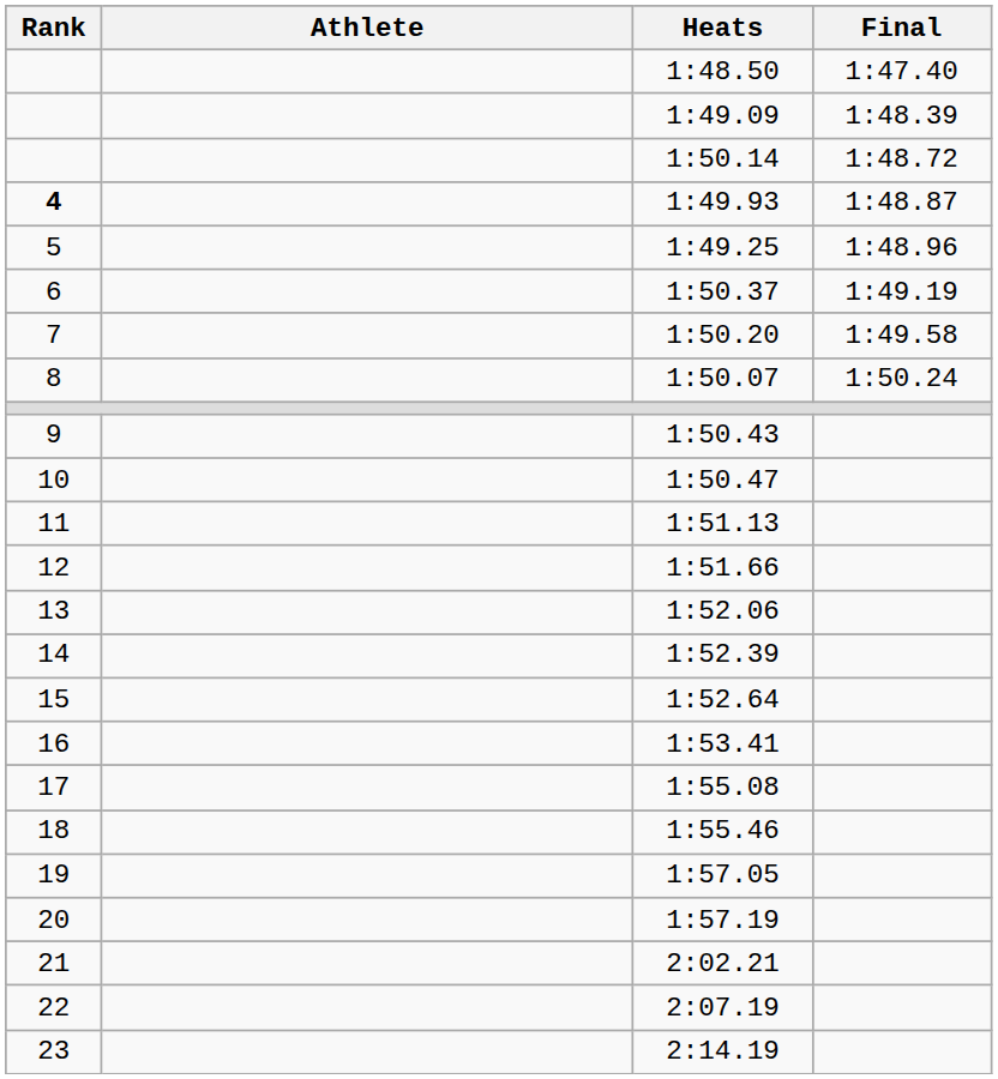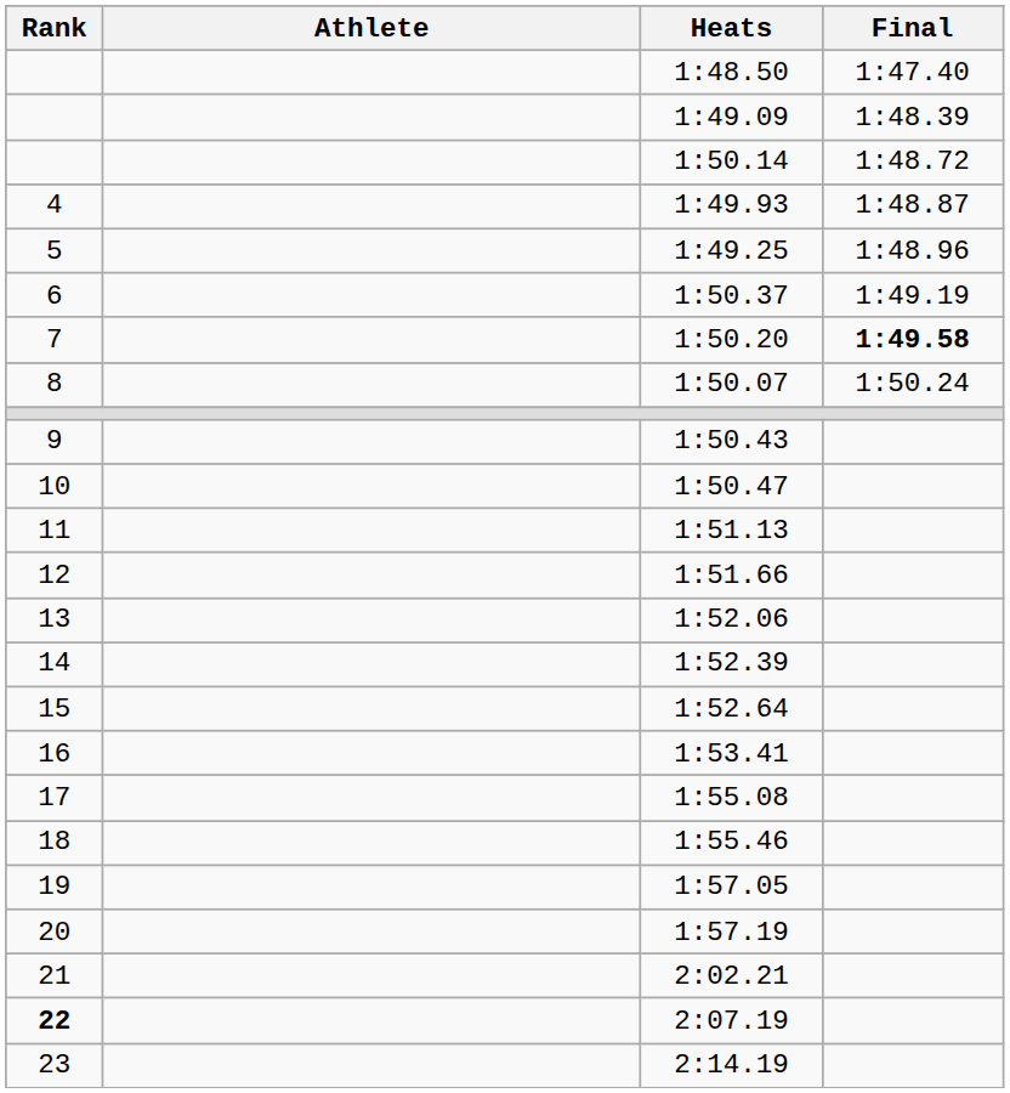 <table class=wikitable style="text-align:center">
 <tr>
 <th width=40>Rank</th>
 <th width=250>Athlete</th>
 <th width=80>Heats</th>
 <th width=80>Final</th>
 </tr>
 <tr>
 <td></td>
 <td align=left></td>
 <td>1:48.50</td>
 <td>1:47.40</td>
 </tr>
 <tr>
 <td></td>
 <td align=left></td>
 <td>1:49.09</td>
 <td>1:48.39</td>
 </tr>
 <tr>
 <td></td>
 <td align=left></td>
 <td>1:50.14</td>
 <td>1:48.72</td>
 </tr>
 <tr>
-<td><strong>4</strong></td>
+<td>4</td>
 <td align=left></td>
 <td>1:49.93</td>
 <td>1:48.87</td>
 </tr>
 <tr>
 <td>5</td>
 <td align=left></td>
 <td>1:49.25</td>
 <td>1:48.96</td>
 </tr>
 <tr>
 <td>6</td>
 <td align=left></td>
 <td>1:50.37</td>
 <td>1:49.19</td>
 </tr>
 <tr>
 <td>7</td>
 <td align=left></td>
 <td>1:50.20</td>
-<td>1:49.58</td>
+<td><strong>1:49.58</strong></td>
 </tr>
 <tr>
 <td>8</td>
 <td align=left></td>
 <td>1:50.07</td>
 <td>1:50.24</td>
 </tr>
 <tr bgcolor=#DDDDDD>
 <td colspan=4></td>
 </tr>
 <tr>
 <td>9</td>
 <td align=left></td>
 <td>1:50.43</td>
 <td></td>
 </tr>
 <tr>
 <td>10</td>
 <td align=left></td>
 <td>1:50.47</td>
 <td></td>
 </tr>
 <tr>
 <td>11</td>
 <td align=left></td>
 <td>1:51.13</td>
 <td></td>
 </tr>
 <tr>
 <td>12</td>
 <td align=left></td>
 <td>1:51.66</td>
 <td></td>
 </tr>
 <tr>
 <td>13</td>
 <td align=left></td>
 <td>1:52.06</td>
 <td></td>
 </tr>
 <tr>
 <td>14</td>
 <td align=left></td>
 <td>1:52.39</td>
 <td></td>
 </tr>
 <tr>
 <td>15</td>
 <td align=left></td>
 <td>1:52.64</td>
 <td></td>
 </tr>
 <tr>
 <td>16</td>
 <td align=left></td>
 <td>1:53.41</td>
 <td></td>
 </tr>
 <tr>
 <td>17</td>
 <td align=left></td>
 <td>1:55.08</td>
 <td></td>
 </tr>
 <tr>
 <td>18</td>
 <td align=left></td>
 <td>1:55.46</td>
 <td></td>
 </tr>
 <tr>
 <td>19</td>
 <td align=left></td>
 <td>1:57.05</td>
 <td></td>
 </tr>
 <tr>
 <td>20</td>
 <td align=left></td>
 <td>1:57.19</td>
 <td></td>
 </tr>
 <tr>
 <td>21</td>
 <td align=left></td>
 <td>2:02.21</td>
 <td></td>
 </tr>
 <tr>
-<td>22</td>
+<td><strong>22</strong></td>
 <td align=left></td>
 <td>2:07.19</td>
 <td></td>
 </tr>
 <tr>
 <td>23</td>
 <td align=left></td>
 <td>2:14.19</td>
 <td></td>
 </tr>
 </table>
